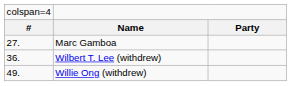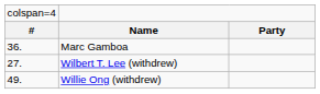 <table class=wikitable style="font-size:90%">
 <tr>
 <td>colspan=4 </td>
 </tr>
 <tr>
 <th>#</th>
 <th width=55%>Name</th>
 <th colspan=2 width=110px>Party</th>
 </tr>
 <tr>
-<td>27.</td>
+<td>36.</td>
 <td>Marc Gamboa</td>
 <td></td>
 </tr>
 <tr>
-<td>36.</td>
+<td>27.</td>
 <td><a href='#'>Wilbert T. Lee</a> (withdrew)</td>
 <td></td>
 </tr>
 <tr>
 <td>49.</td>
 <td><a href='#'>Willie Ong</a> (withdrew)</td>
 <td></td>
 </tr>
 </table>
